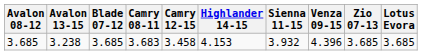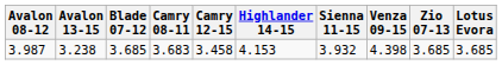 <table class="wikitable">
 <tr>
 <th>Avalon<br>08-12</th>
 <th>Avalon<br>13-15</th>
 <th>Blade<br>07-12</th>
 <th>Camry<br>08-11</th>
 <th>Camry<br>12-15</th>
 <th><a href='#'>Highlander</a><br>14-15</th>
 <th>Sienna<br>11-15</th>
 <th>Venza<br>09-15</th>
 <th>Zio<br>07-13</th>
 <th>Lotus<br>Evora</th>
 </tr>
 <tr>
-<td>3.685</td>
+<td>3.987</td>
 <td>3.238</td>
 <td>3.685</td>
 <td>3.683</td>
 <td>3.458</td>
 <td>4.153</td>
 <td>3.932</td>
-<td>4.396</td>
+<td>4.398</td>
 <td>3.685</td>
 <td>3.685</td>
 </tr>
 </table>
